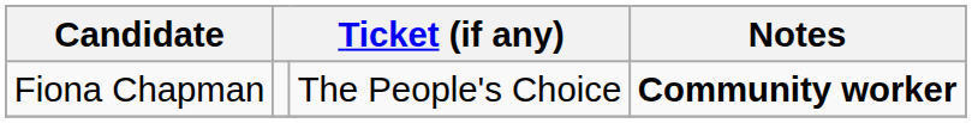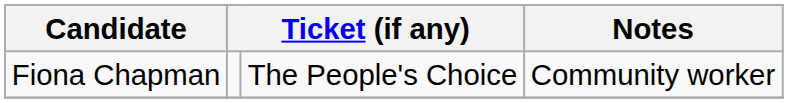 <table class="wikitable" style="font-size: 95%">
 <tr>
 <th>Candidate</th>
 <th colspan="2"><a href='#'>Ticket</a> (if any)</th>
 <th>Notes</th>
 </tr>
 <tr>
 <td>Fiona Chapman</td>
 <td style="background-color:"></td>
 <td>The People's Choice</td>
-<td><strong>Community worker</strong></td>
+<td>Community worker</td>
 </tr>
 <tr>
 </tr>
 </table>
